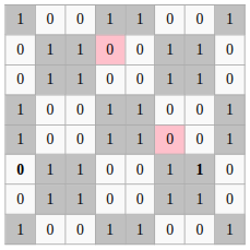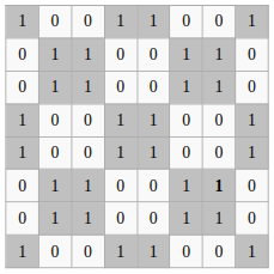 <table class="wikitable" style="margin-left:auto;margin-right:auto;text-align:center;width:16em;height:16em;table-layout:fixed;">
 <tr>
 </tr>
 <tr>
 <td style="background-color: silver;">1</td>
 <td>0</td>
 <td>0</td>
 <td style="background-color: silver;">1</td>
 <td style="background-color: silver;">1</td>
 <td>0</td>
 <td>0</td>
 <td style="background-color: silver;">1</td>
 </tr>
 <tr>
 <td>0</td>
 <td style="background-color: silver;">1</td>
 <td style="background-color: silver;">1</td>
-<td style="background: pink;">0</td>
+<td>0</td>
 <td>0</td>
 <td style="background-color: silver;">1</td>
 <td style="background-color: silver;">1</td>
 <td>0</td>
 </tr>
 <tr>
 <td>0</td>
 <td style="background-color: silver;">1</td>
 <td style="background-color: silver;">1</td>
 <td>0</td>
 <td>0</td>
 <td style="background-color: silver;">1</td>
 <td style="background-color: silver;">1</td>
 <td>0</td>
 </tr>
 <tr>
 <td style="background-color: silver;">1</td>
 <td>0</td>
 <td>0</td>
 <td style="background-color: silver;">1</td>
 <td style="background-color: silver;">1</td>
 <td>0</td>
 <td>0</td>
 <td style="background-color: silver;">1</td>
 </tr>
 <tr>
 <td style="background-color: silver;">1</td>
 <td>0</td>
 <td>0</td>
 <td style="background-color: silver;">1</td>
 <td style="background-color: silver;">1</td>
-<td style="background: pink;">0</td>
+<td>0</td>
 <td>0</td>
 <td style="background-color: silver;">1</td>
 </tr>
 <tr>
-<td><strong>0</strong></td>
+<td>0</td>
 <td style="background-color: silver;">1</td>
 <td style="background-color: silver;">1</td>
 <td>0</td>
 <td>0</td>
 <td style="background-color: silver;">1</td>
 <td style="background-color: silver;"><strong>1</strong></td>
 <td>0</td>
 </tr>
 <tr>
 <td>0</td>
 <td style="background-color: silver;">1</td>
 <td style="background-color: silver;">1</td>
 <td>0</td>
 <td>0</td>
 <td style="background-color: silver;">1</td>
 <td style="background-color: silver;">1</td>
 <td>0</td>
 </tr>
 <tr>
 <td style="background-color: silver;">1</td>
 <td>0</td>
 <td>0</td>
 <td style="background-color: silver;">1</td>
 <td style="background-color: silver;">1</td>
 <td>0</td>
 <td>0</td>
 <td style="background-color: silver;">1</td>
 </tr>
 </table>
